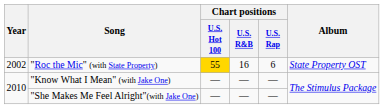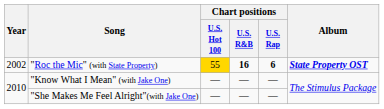 <table class="wikitable">
 <tr>
 <th rowspan="2">Year</th>
 <th rowspan="2">Song</th>
 <th colspan="3">Chart positions</th>
 <th rowspan="2">Album</th>
 </tr>
 <tr>
 <th width="40"><small><a href='#'>U.S. Hot 100</a></small></th>
 <th width="40"><small><a href='#'>U.S. R&B</a></small></th>
 <th width="40"><small><a href='#'>U.S. Rap</a></small></th>
 </tr>
 <tr>
 <td>2002</td>
 <td align="left">"<a href='#'>Roc the Mic</a>" <small>(with <a href='#'>State Property</a>)</small></td>
 <td style="background: gold; text-align:center;">55</td>
-<td style="text-align:center;">16</td>
-<td style="text-align:center;">6</td>
-<td><em><a href='#'>State Property OST</a></em></td>
+<td style="text-align:center;"><strong>16</strong></td>
+<td style="text-align:center;"><strong>6</strong></td>
+<td><strong><em><a href='#'>State Property OST</a></em></strong></td>
 </tr>
 <tr>
 <td rowspan="2">2010</td>
 <td align="left">"Know What I Mean" <small>(with <a href='#'>Jake One</a>)</small></td>
 <td style="text-align:center;">—</td>
 <td style="text-align:center;">—</td>
 <td style="text-align:center;">—</td>
 <td rowspan="2"><em><a href='#'>The Stimulus Package</a></em></td>
 </tr>
 <tr>
 <td align="left">"She Makes Me Feel Alright"<small>(with <a href='#'>Jake One</a>)</small></td>
 <td style="text-align:center;">—</td>
 <td style="text-align:center;">—</td>
 <td style="text-align:center;">—</td>
 </tr>
 </table>
